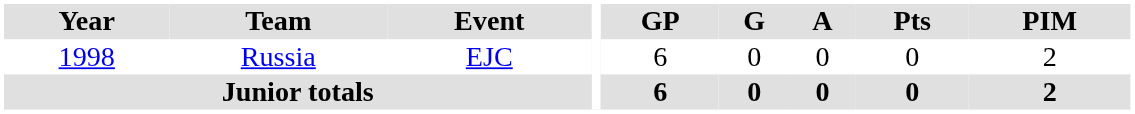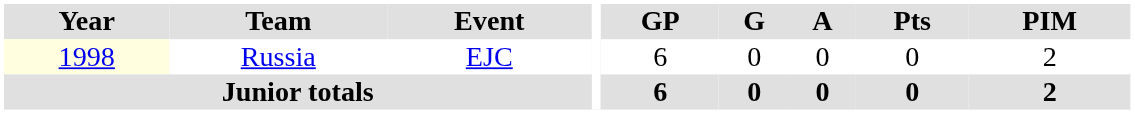 <table border="0" cellpadding="1" cellspacing="0" ID="Table3" style="text-align:center; width:40em">
 <tr ALIGN="center" bgcolor="#e0e0e0">
 <th>Year</th>
 <th>Team</th>
 <th>Event</th>
 <th rowspan="99" bgcolor="#ffffff"></th>
 <th>GP</th>
 <th>G</th>
 <th>A</th>
 <th>Pts</th>
 <th>PIM</th>
 </tr>
 <tr>
-<td><a href='#'>1998</a></td>
+<td style="background: lightyellow;"><a href='#'>1998</a></td>
 <td><a href='#'>Russia</a></td>
 <td><a href='#'>EJC</a></td>
 <td>6</td>
 <td>0</td>
 <td>0</td>
 <td>0</td>
 <td>2</td>
 </tr>
 <tr bgcolor="#e0e0e0">
 <th colspan="3">Junior totals</th>
 <th>6</th>
 <th>0</th>
 <th>0</th>
 <th>0</th>
 <th>2</th>
 </tr>
 </table>
